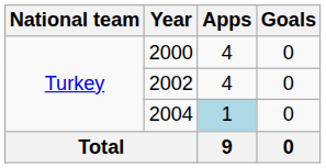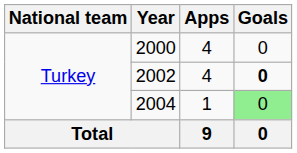 <table class="wikitable" style="text-align:center">
 <tr>
 <th>National team</th>
 <th>Year</th>
 <th>Apps</th>
 <th>Goals</th>
 </tr>
 <tr>
 <td rowspan="3"><a href='#'>Turkey</a></td>
 <td>2000</td>
 <td>4</td>
 <td>0</td>
 </tr>
 <tr>
 <td>2002</td>
 <td>4</td>
-<td>0</td>
+<td><strong>0</strong></td>
 </tr>
 <tr>
 <td>2004</td>
-<td style="background: lightblue;">1</td>
-<td>0</td>
+<td>1</td>
+<td style="background: lightgreen;">0</td>
 </tr>
 <tr>
 <th colspan="2">Total</th>
 <th>9</th>
 <th>0</th>
 </tr>
 </table>
